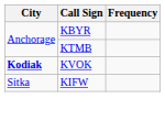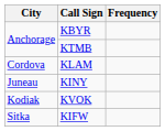 <table class="wikitable">
 <tr>
 <th scope="col">City</th>
 <th scope="col">Call Sign</th>
 <th scope="col">Frequency</th>
 </tr>
 <tr>
 <td rowspan=2><a href='#'>Anchorage</a></td>
 <td><a href='#'>KBYR</a></td>
 <td></td>
 </tr>
 <tr>
 <td><a href='#'>KTMB</a></td>
 <td></td>
 </tr>
 <tr>
-<td><strong><a href='#'>Kodiak</a></strong></td>
+<td><a href='#'>Cordova</a></td>
+<td><a href='#'>KLAM</a></td>
+<td></td>
+</tr>
+<tr>
+<td><a href='#'>Juneau</a></td>
+<td><a href='#'>KINY</a></td>
+<td></td>
+</tr>
+<tr>
+<td><a href='#'>Kodiak</a></td>
 <td><a href='#'>KVOK</a></td>
 <td></td>
 </tr>
 <tr>
 <td><a href='#'>Sitka</a></td>
 <td><a href='#'>KIFW</a></td>
 <td></td>
 </tr>
 </table>
